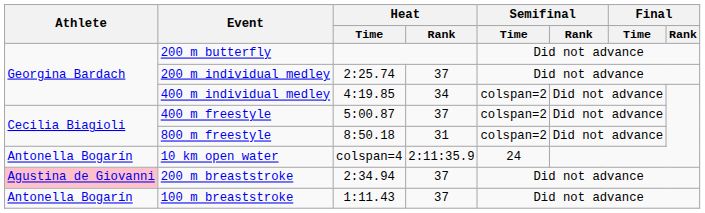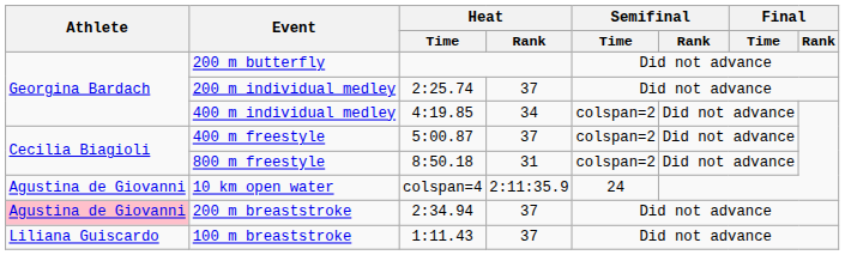 <table class=wikitable style="font-size:90%">
 <tr>
 <th rowspan="2">Athlete</th>
 <th rowspan="2">Event</th>
 <th colspan="2">Heat</th>
 <th colspan="2">Semifinal</th>
 <th colspan="2">Final</th>
 </tr>
 <tr style="font-size:95%">
 <th>Time</th>
 <th>Rank</th>
 <th>Time</th>
 <th>Rank</th>
 <th>Time</th>
 <th>Rank</th>
 </tr>
 <tr align=center>
 <td align=left rowspan=3><a href='#'>Georgina Bardach</a></td>
 <td align=left><a href='#'>200 m butterfly</a></td>
 <td colspan=2></td>
 <td colspan=4>Did not advance</td>
 </tr>
 <tr align=center>
 <td align=left><a href='#'>200 m individual medley</a></td>
 <td>2:25.74</td>
 <td>37</td>
 <td colspan=4>Did not advance</td>
 </tr>
 <tr align=center>
 <td align=left><a href='#'>400 m individual medley</a></td>
 <td>4:19.85</td>
 <td>34</td>
 <td>colspan=2 </td>
 <td colspan=2>Did not advance</td>
 </tr>
 <tr align=center>
 <td align=left rowspan=2><a href='#'>Cecilia Biagioli</a></td>
 <td align=left><a href='#'>400 m freestyle</a></td>
 <td>5:00.87</td>
 <td>37</td>
 <td>colspan=2 </td>
 <td colspan=2>Did not advance</td>
 </tr>
 <tr align=center>
 <td align=left><a href='#'>800 m freestyle</a></td>
 <td>8:50.18</td>
 <td>31</td>
 <td>colspan=2 </td>
 <td colspan=2>Did not advance</td>
 </tr>
 <tr align=center>
-<td align=left><a href='#'>Antonella Bogarín</a></td>
+<td align=left><a href='#'>Agustina de Giovanni</a></td>
 <td align=left><a href='#'>10 km open water</a></td>
 <td>colspan=4 </td>
 <td>2:11:35.9</td>
 <td>24</td>
 </tr>
 <tr align=center>
 <td align=left style="background: pink;"><a href='#'>Agustina de Giovanni</a></td>
 <td align=left><a href='#'>200 m breaststroke</a></td>
 <td>2:34.94</td>
 <td>37</td>
 <td colspan=4>Did not advance</td>
 </tr>
 <tr align=center>
-<td align=left><a href='#'>Antonella Bogarín</a></td>
+<td align=left><a href='#'>Liliana Guiscardo</a></td>
 <td align=left><a href='#'>100 m breaststroke</a></td>
 <td>1:11.43</td>
 <td>37</td>
 <td colspan=4>Did not advance</td>
 </tr>
 </table>
